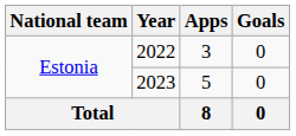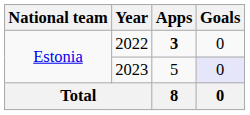 <table class=wikitable style="text-align:center">
 <tr>
 <th>National team</th>
 <th>Year</th>
 <th>Apps</th>
 <th>Goals</th>
 </tr>
 <tr>
 <td rowspan=2><a href='#'>Estonia</a></td>
 <td>2022</td>
-<td>3</td>
+<td><strong>3</strong></td>
 <td>0</td>
 </tr>
 <tr>
 <td>2023</td>
 <td>5</td>
-<td>0</td>
+<td style="background: lavender;">0</td>
 </tr>
 <tr>
 <th colspan="2">Total</th>
 <th>8</th>
 <th>0</th>
 </tr>
 </table>
